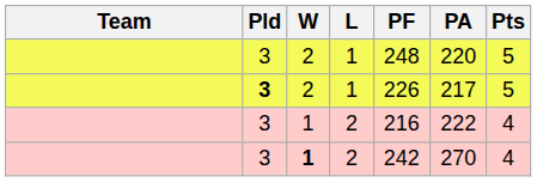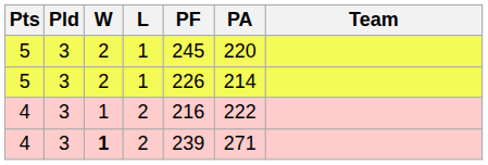 <table class="wikitable" style="text-align:center;">
 <tr>
-<th width=170>Team</th>
+<th width=25>Pts</th>
 <th width=25>Pld</th>
 <th width=25>W</th>
 <th width=25>L</th>
 <th width=35>PF</th>
 <th width=35>PA</th>
-<th width=25>Pts</th>
+<th width=170>Team</th>
 </tr>
 <tr bgcolor=#F4FA58>
-<td align="left"></td>
+<td>5</td>
 <td>3</td>
 <td>2</td>
 <td>1</td>
-<td>248</td>
+<td>245</td>
 <td>220</td>
-<td>5</td>
+<td align="left"></td>
 </tr>
 <tr bgcolor=#F4FA58>
-<td align="left"></td>
-<td><strong>3</strong></td>
+<td>5</td>
+<td>3</td>
 <td>2</td>
 <td>1</td>
 <td>226</td>
-<td>217</td>
-<td>5</td>
+<td>214</td>
+<td align="left"></td>
 </tr>
 <tr bgcolor=#ffcccc>
-<td align="left"></td>
+<td>4</td>
 <td>3</td>
 <td>1</td>
 <td>2</td>
 <td>216</td>
 <td>222</td>
-<td>4</td>
+<td align="left"></td>
 </tr>
 <tr bgcolor=#ffcccc>
-<td align="left"></td>
+<td>4</td>
 <td>3</td>
 <td><strong>1</strong></td>
 <td>2</td>
-<td>242</td>
-<td>270</td>
-<td>4</td>
+<td>239</td>
+<td>271</td>
+<td align="left"></td>
 </tr>
 </table>
